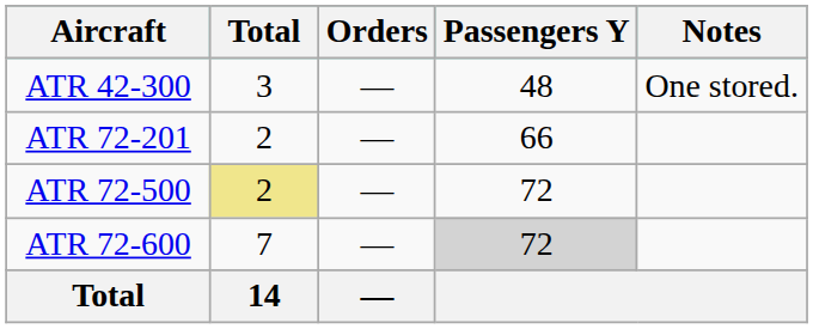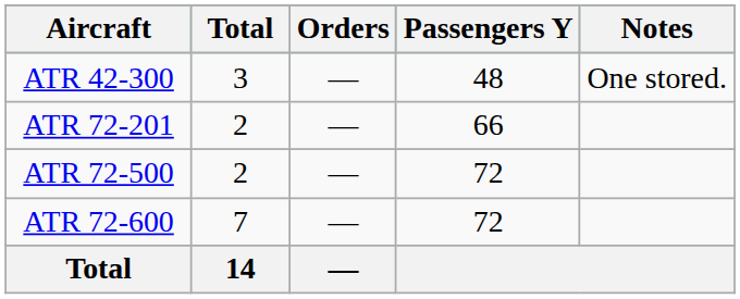 <table class="wikitable" style="border-collapse:collapse;text-align:center;margin:auto;">
 <tr bgcolor=#008374>
 <th style="width:90px;">Aircraft</th>
 <th style="width:45px;">Total</th>
 <th>Orders</th>
 <th>Passengers <abbr>Y</abbr></th>
 <th>Notes</th>
 </tr>
 <tr>
 <td style="text-align:center;"><a href='#'>ATR 42-300</a></td>
 <td style="text-align:center;">3</td>
 <td style="text-align:center;">—</td>
 <td style="text-align:center;">48</td>
 <td align="center">One stored.</td>
 </tr>
 <tr>
 <td style="text-align:center;"><a href='#'>ATR 72-201</a></td>
 <td style="text-align:center;">2</td>
 <td style="text-align:center;">—</td>
 <td style="text-align:center;">66</td>
 <td></td>
 </tr>
 <tr>
 <td style="text-align:center;"><a href='#'>ATR 72-500</a></td>
-<td style="background: khaki; text-align:center;">2</td>
+<td style="text-align:center;">2</td>
 <td style="text-align:center;">—</td>
 <td style="text-align:center;">72</td>
 <td></td>
 </tr>
 <tr>
 <td style="text-align:center;"><a href='#'>ATR 72-600</a></td>
 <td style="text-align:center;">7</td>
 <td style="text-align:center;">—</td>
-<td style="background: lightgrey; text-align:center;">72</td>
+<td style="text-align:center;">72</td>
 <td align="center"></td>
 </tr>
 <tr>
 <th>Total</th>
 <th>14</th>
 <th>—</th>
 <th colspan="2"></th>
 </tr>
 </table>
